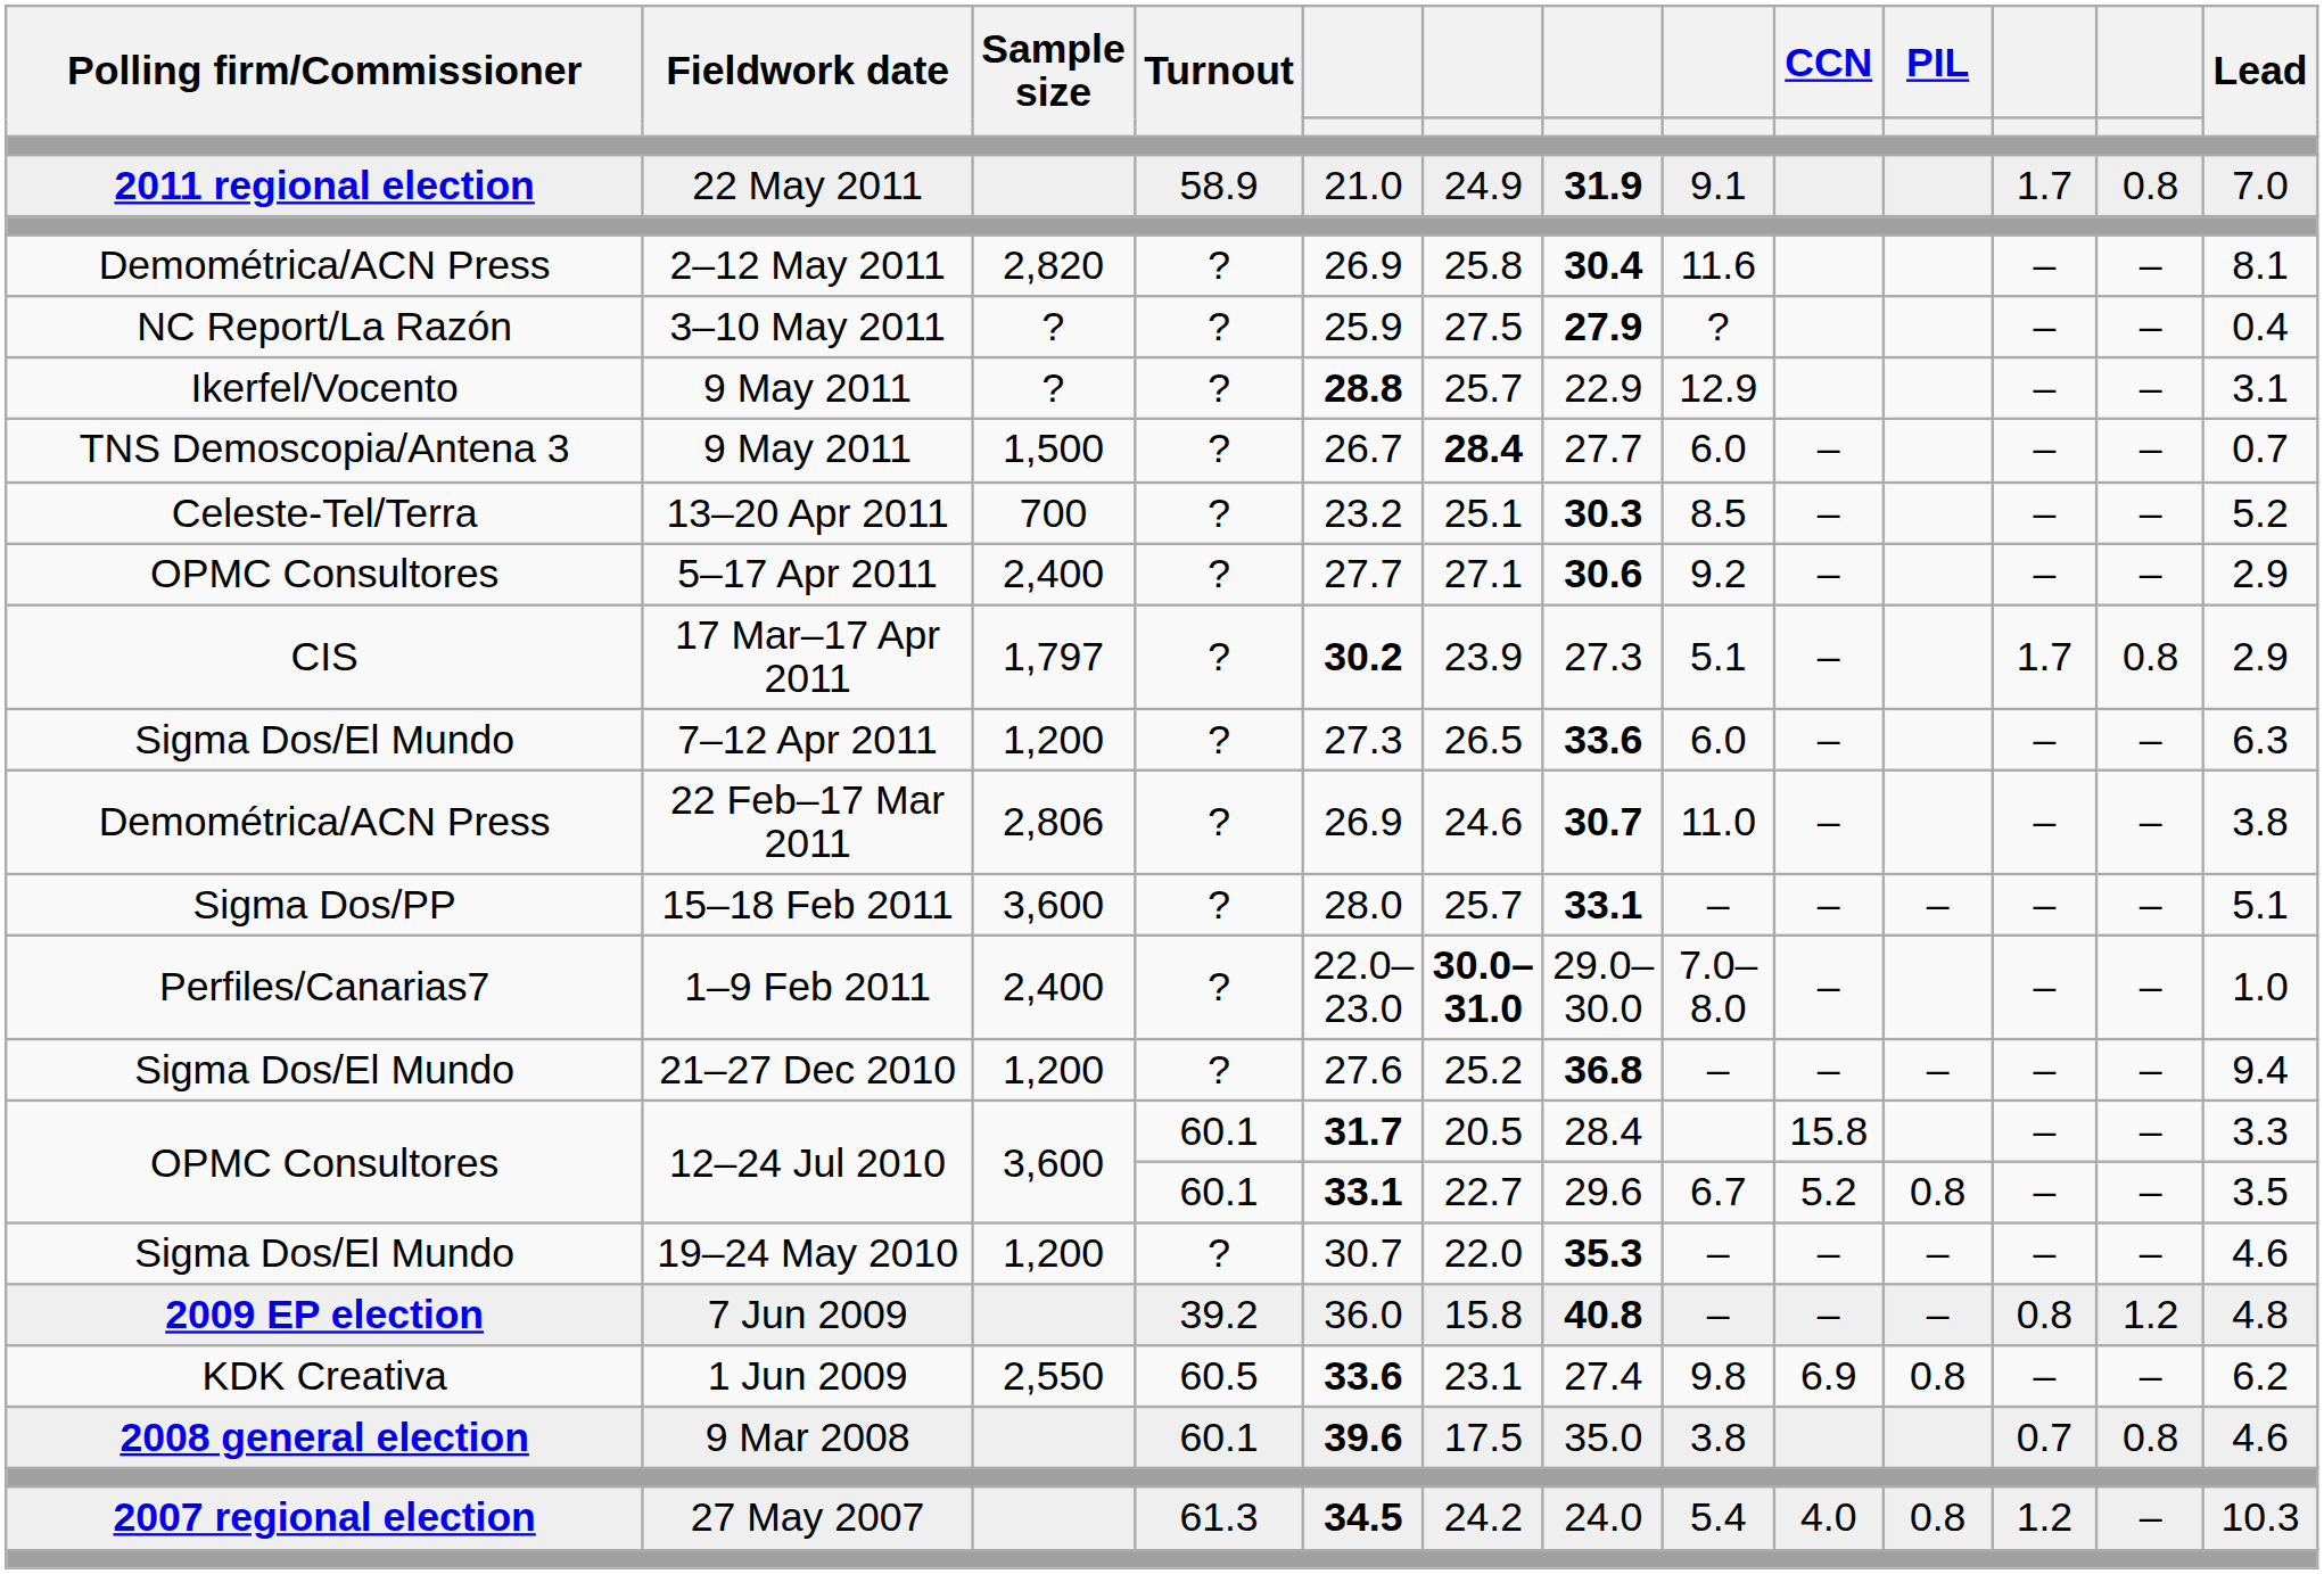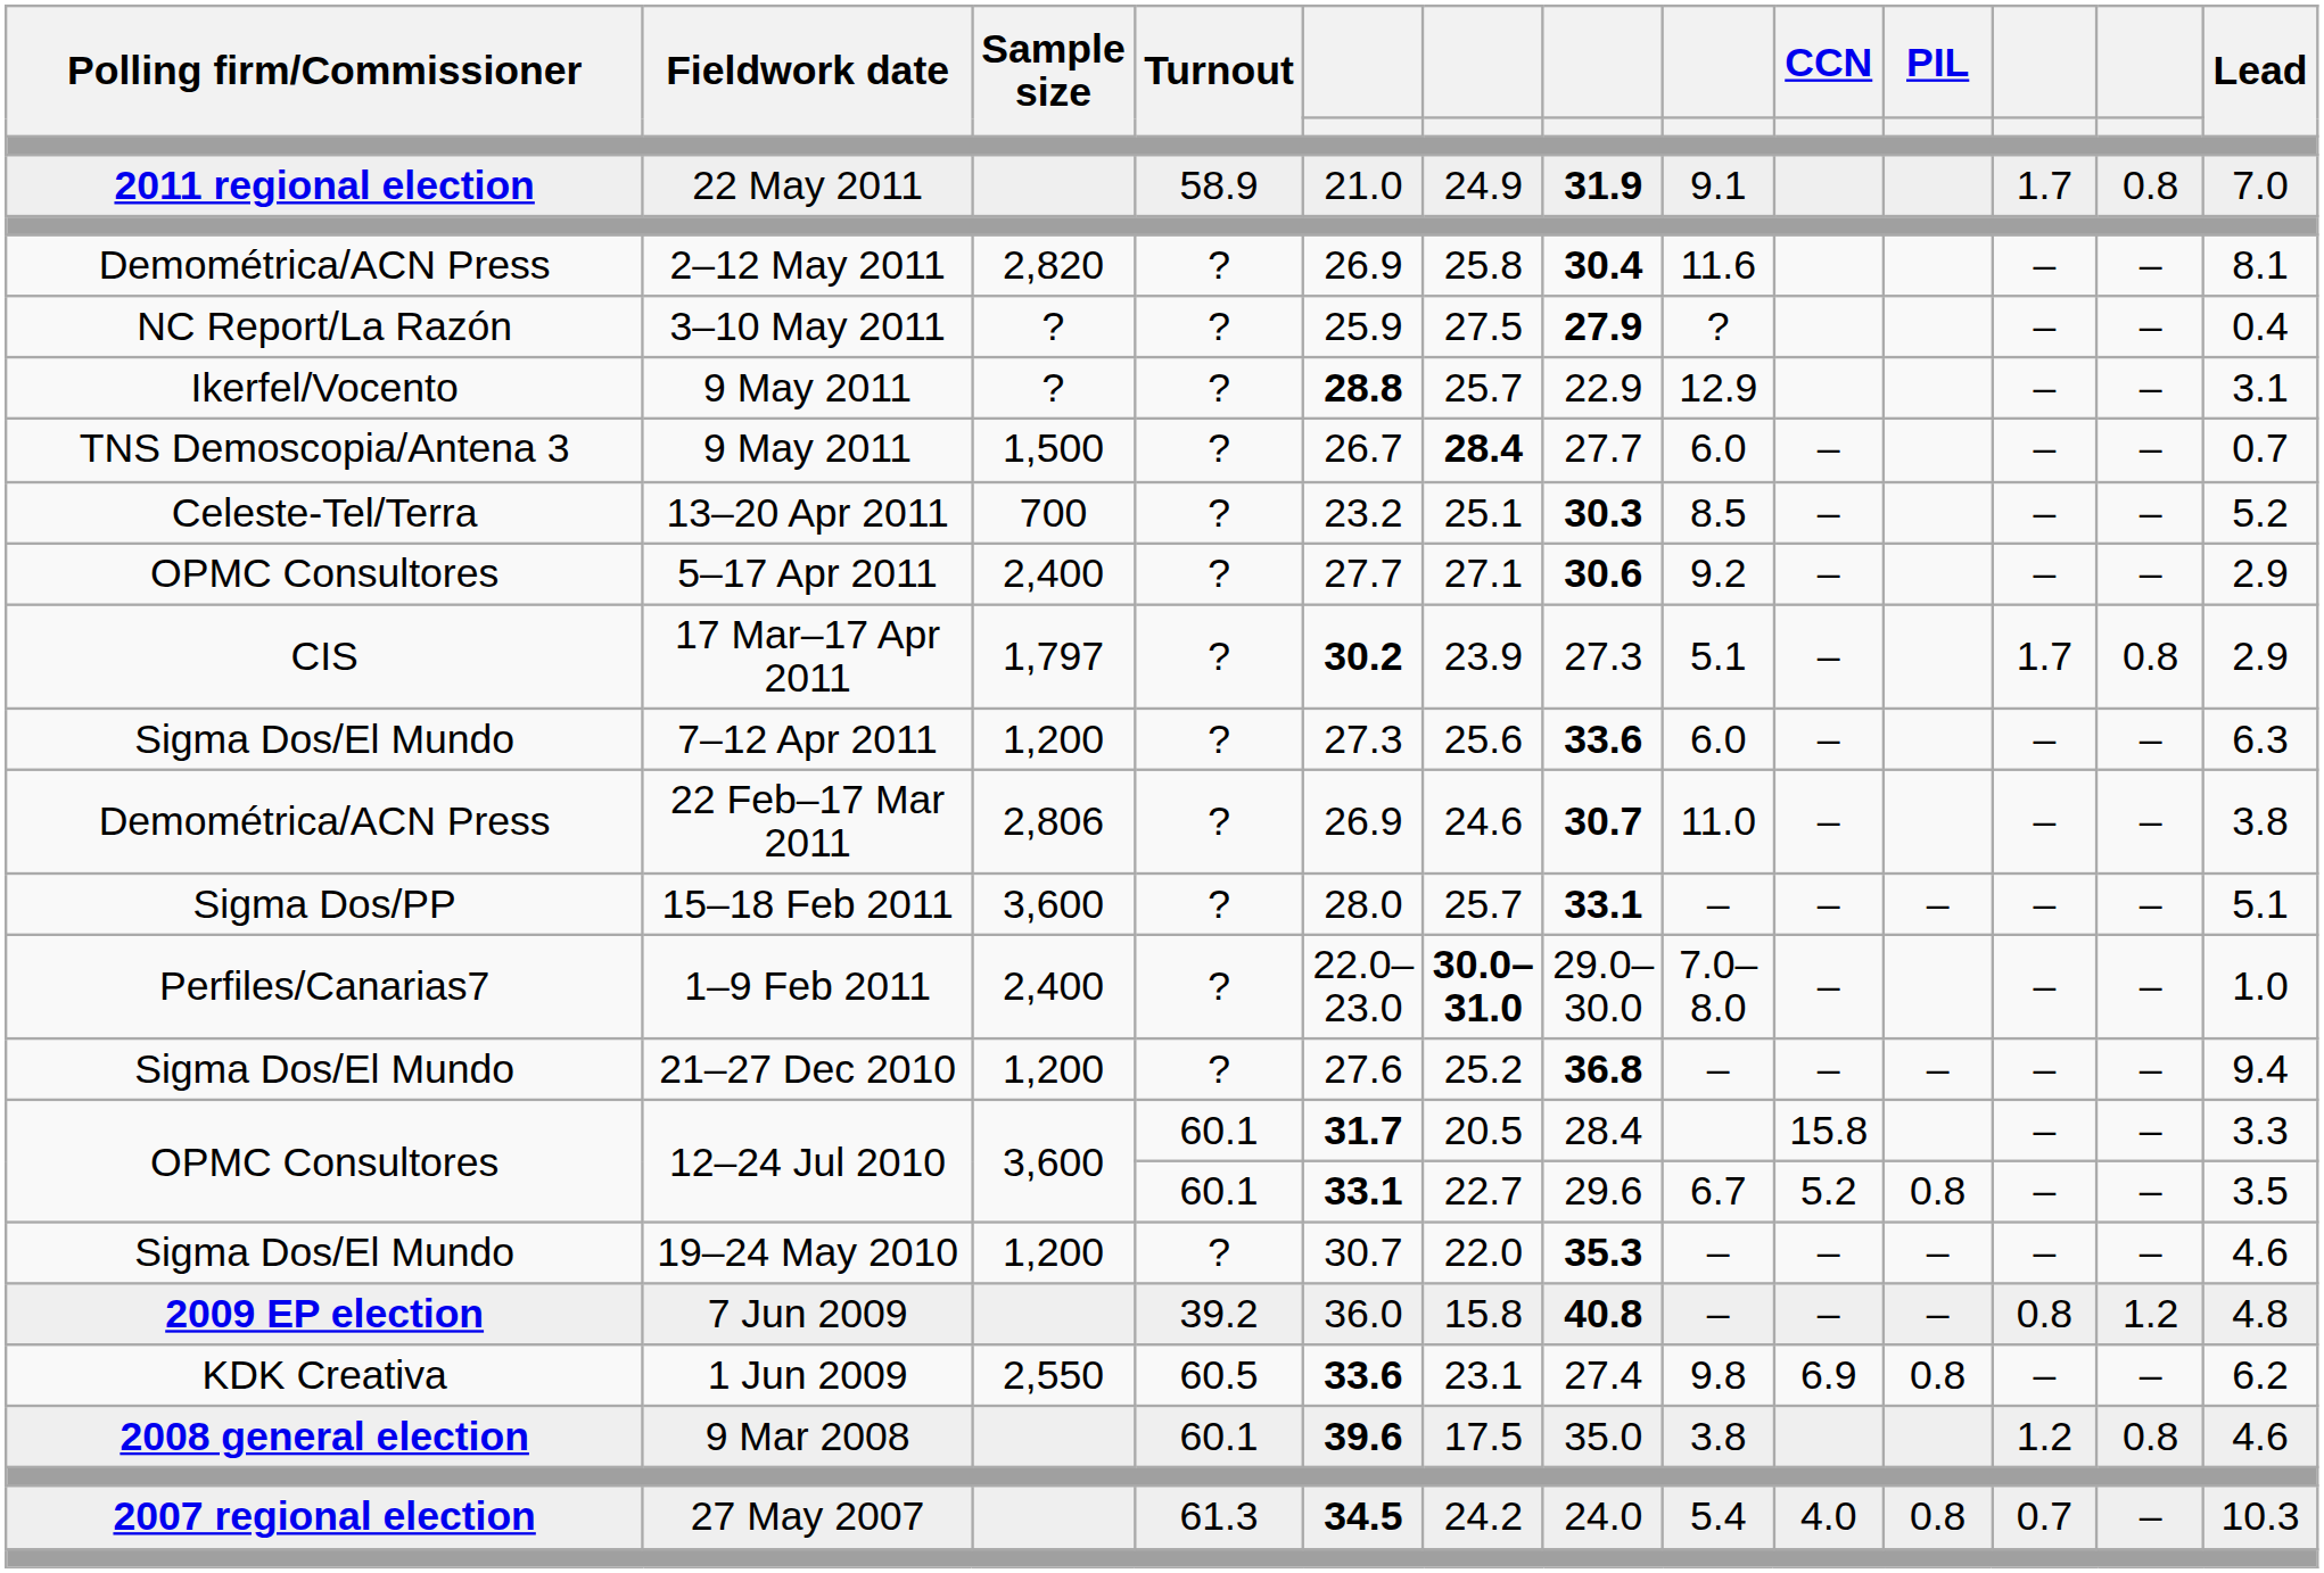 <table class="wikitable collapsible collapsed" style="text-align:center; font-size:95%; line-height:16px;">
 <tr style="height:42px;">
 <th style="width:250px;" rowspan="2">Polling firm/Commissioner</th>
 <th style="width:125px;" rowspan="2">Fieldwork date</th>
 <th style="width:50px;" rowspan="2">Sample size</th>
 <th style="width:45px;" rowspan="2">Turnout</th>
 <th style="width:35px;"></th>
 <th style="width:35px;"></th>
 <th style="width:35px;"></th>
 <th style="width:35px;"></th>
 <th style="width:35px;"><a href='#'>CCN</a></th>
 <th style="width:35px;"><a href='#'>PIL</a></th>
 <th style="width:35px;"></th>
 <th style="width:35px;"></th>
 <th style="width:30px;" rowspan="2">Lead</th>
 </tr>
 <tr>
 <th style="color:inherit;background:"></th>
 <th style="color:inherit;background:"></th>
 <th style="color:inherit;background:"></th>
 <th style="color:inherit;background:"></th>
 <th style="color:inherit;background:"></th>
 <th style="color:inherit;background:"></th>
 <th style="color:inherit;background:"></th>
 <th style="color:inherit;background:"></th>
 </tr>
 <tr>
 <td colspan="13" style="background:#A0A0A0"></td>
 </tr>
 <tr style="background:#EFEFEF;">
 <td><strong><a href='#'>2011 regional election</a></strong></td>
 <td>22 May 2011</td>
 <td></td>
 <td>58.9</td>
 <td>21.0<br></td>
 <td>24.9<br></td>
 <td><strong>31.9</strong><br></td>
 <td>9.1<br></td>
 <td></td>
 <td></td>
 <td>1.7<br></td>
 <td>0.8<br></td>
 <td style="background:">7.0</td>
 </tr>
 <tr>
 <td colspan="13" style="background:#A0A0A0"></td>
 </tr>
 <tr>
 <td>Demométrica/ACN Press</td>
 <td>2–12 May 2011</td>
 <td>2,820</td>
 <td>?</td>
 <td>26.9<br></td>
 <td>25.8<br></td>
 <td><strong>30.4</strong><br></td>
 <td>11.6<br></td>
 <td></td>
 <td></td>
 <td>–</td>
 <td>–</td>
 <td style="background:">8.1</td>
 </tr>
 <tr>
 <td>NC Report/La Razón</td>
 <td>3–10 May 2011</td>
 <td>?</td>
 <td>?</td>
 <td>25.9<br></td>
 <td>27.5<br></td>
 <td><strong>27.9</strong><br></td>
 <td>?<br></td>
 <td></td>
 <td></td>
 <td>–</td>
 <td>–</td>
 <td style="background:">0.4</td>
 </tr>
 <tr>
 <td>Ikerfel/Vocento</td>
 <td>9 May 2011</td>
 <td>?</td>
 <td>?</td>
 <td><strong>28.8</strong><br></td>
 <td>25.7<br></td>
 <td>22.9<br></td>
 <td>12.9<br></td>
 <td></td>
 <td></td>
 <td>–</td>
 <td>–</td>
 <td style="background:">3.1</td>
 </tr>
 <tr>
 <td>TNS Demoscopia/Antena 3</td>
 <td>9 May 2011</td>
 <td>1,500</td>
 <td>?</td>
 <td>26.7<br></td>
 <td><strong>28.4</strong><br></td>
 <td>27.7<br></td>
 <td>6.0<br></td>
 <td>–</td>
 <td></td>
 <td>–</td>
 <td>–</td>
 <td style="background:">0.7</td>
 </tr>
 <tr>
 <td>Celeste-Tel/Terra</td>
 <td>13–20 Apr 2011</td>
 <td>700</td>
 <td>?</td>
 <td>23.2<br></td>
 <td>25.1<br></td>
 <td><strong>30.3</strong><br></td>
 <td>8.5<br></td>
 <td>–</td>
 <td></td>
 <td>–</td>
 <td>–</td>
 <td style="background:">5.2</td>
 </tr>
 <tr>
 <td>OPMC Consultores</td>
 <td>5–17 Apr 2011</td>
 <td>2,400</td>
 <td>?</td>
 <td>27.7<br></td>
 <td>27.1<br></td>
 <td><strong>30.6</strong><br></td>
 <td>9.2<br></td>
 <td>–</td>
 <td></td>
 <td>–</td>
 <td>–</td>
 <td style="background:">2.9</td>
 </tr>
 <tr>
 <td>CIS</td>
 <td>17 Mar–17 Apr 2011</td>
 <td>1,797</td>
 <td>?</td>
 <td><strong>30.2</strong><br></td>
 <td>23.9<br></td>
 <td>27.3<br></td>
 <td>5.1<br></td>
 <td>–</td>
 <td></td>
 <td>1.7<br></td>
 <td>0.8<br></td>
 <td style="background:">2.9</td>
 </tr>
 <tr>
 <td>Sigma Dos/El Mundo</td>
 <td>7–12 Apr 2011</td>
 <td>1,200</td>
 <td>?</td>
 <td>27.3<br></td>
-<td>26.5<br></td>
+<td>25.6<br></td>
 <td><strong>33.6</strong><br></td>
 <td>6.0<br></td>
 <td>–</td>
 <td></td>
 <td>–</td>
 <td>–</td>
 <td style="background:">6.3</td>
 </tr>
 <tr>
 <td>Demométrica/ACN Press</td>
 <td>22 Feb–17 Mar 2011</td>
 <td>2,806</td>
 <td>?</td>
 <td>26.9<br></td>
 <td>24.6<br></td>
 <td><strong>30.7</strong><br></td>
 <td>11.0<br></td>
 <td>–</td>
 <td></td>
 <td>–</td>
 <td>–</td>
 <td style="background:">3.8</td>
 </tr>
 <tr>
 <td>Sigma Dos/PP</td>
 <td>15–18 Feb 2011</td>
 <td>3,600</td>
 <td>?</td>
 <td>28.0<br></td>
 <td>25.7<br></td>
 <td><strong>33.1</strong><br></td>
 <td>–</td>
 <td>–</td>
 <td>–</td>
 <td>–</td>
 <td>–</td>
 <td style="background:">5.1</td>
 </tr>
 <tr>
 <td>Perfiles/Canarias7</td>
 <td>1–9 Feb 2011</td>
 <td>2,400</td>
 <td>?</td>
 <td>22.0–<br>23.0<br></td>
 <td><strong>30.0–<br>31.0</strong><br></td>
 <td>29.0–<br>30.0<br></td>
 <td>7.0–<br>8.0<br></td>
 <td>–</td>
 <td></td>
 <td>–</td>
 <td>–</td>
 <td style="background:">1.0</td>
 </tr>
 <tr>
 <td>Sigma Dos/El Mundo</td>
 <td>21–27 Dec 2010</td>
 <td>1,200</td>
 <td>?</td>
 <td>27.6<br></td>
 <td>25.2<br></td>
 <td><strong>36.8</strong><br></td>
 <td>–</td>
 <td>–</td>
 <td>–</td>
 <td>–</td>
 <td>–</td>
 <td style="background:">9.4</td>
 </tr>
 <tr>
 <td rowspan="2">OPMC Consultores</td>
 <td rowspan="2">12–24 Jul 2010</td>
 <td rowspan="2">3,600</td>
 <td>60.1</td>
 <td><strong>31.7</strong><br></td>
 <td>20.5<br></td>
 <td>28.4<br></td>
 <td></td>
 <td>15.8<br></td>
 <td></td>
 <td>–</td>
 <td>–</td>
 <td style="background:">3.3</td>
 </tr>
 <tr>
 <td>60.1</td>
 <td><strong>33.1</strong><br></td>
 <td>22.7<br></td>
 <td>29.6<br></td>
 <td>6.7<br></td>
 <td>5.2<br></td>
 <td>0.8<br></td>
 <td>–</td>
 <td>–</td>
 <td style="background:">3.5</td>
 </tr>
 <tr>
 <td>Sigma Dos/El Mundo</td>
 <td>19–24 May 2010</td>
 <td>1,200</td>
 <td>?</td>
 <td>30.7<br></td>
 <td>22.0<br></td>
 <td><strong>35.3</strong><br></td>
 <td>–</td>
 <td>–</td>
 <td>–</td>
 <td>–</td>
 <td>–</td>
 <td style="background:">4.6</td>
 </tr>
 <tr style="background:#EFEFEF;">
 <td><strong><a href='#'>2009 EP election</a></strong></td>
 <td>7 Jun 2009</td>
 <td></td>
 <td>39.2</td>
 <td>36.0<br></td>
 <td>15.8<br></td>
 <td><strong>40.8</strong><br></td>
 <td>–</td>
 <td>–</td>
 <td>–</td>
 <td>0.8<br></td>
 <td>1.2<br></td>
 <td style="background:">4.8</td>
 </tr>
 <tr>
 <td>KDK Creativa</td>
 <td>1 Jun 2009</td>
 <td>2,550</td>
 <td>60.5</td>
 <td><strong>33.6</strong><br></td>
 <td>23.1<br></td>
 <td>27.4<br></td>
 <td>9.8<br></td>
 <td>6.9<br></td>
 <td>0.8<br></td>
 <td>–</td>
 <td>–</td>
 <td style="background:">6.2</td>
 </tr>
 <tr style="background:#EFEFEF;">
 <td><strong><a href='#'>2008 general election</a></strong></td>
 <td>9 Mar 2008</td>
 <td></td>
 <td>60.1</td>
 <td><strong>39.6</strong><br></td>
 <td>17.5<br></td>
 <td>35.0<br></td>
 <td>3.8<br></td>
 <td></td>
 <td></td>
-<td>0.7<br></td>
+<td>1.2<br></td>
 <td>0.8<br></td>
 <td style="background:">4.6</td>
 </tr>
 <tr>
 <td colspan="13" style="background:#A0A0A0"></td>
 </tr>
 <tr style="background:#EFEFEF;">
 <td><strong><a href='#'>2007 regional election</a></strong></td>
 <td>27 May 2007</td>
 <td></td>
 <td>61.3</td>
 <td><strong>34.5</strong><br></td>
 <td>24.2<br></td>
 <td>24.0<br></td>
 <td>5.4<br></td>
 <td>4.0<br></td>
 <td>0.8<br></td>
-<td>1.2<br></td>
+<td>0.7<br></td>
 <td>–</td>
 <td style="background:">10.3</td>
 </tr>
 <tr>
 <td colspan="13" style="background:#A0A0A0"></td>
 </tr>
 </table>
